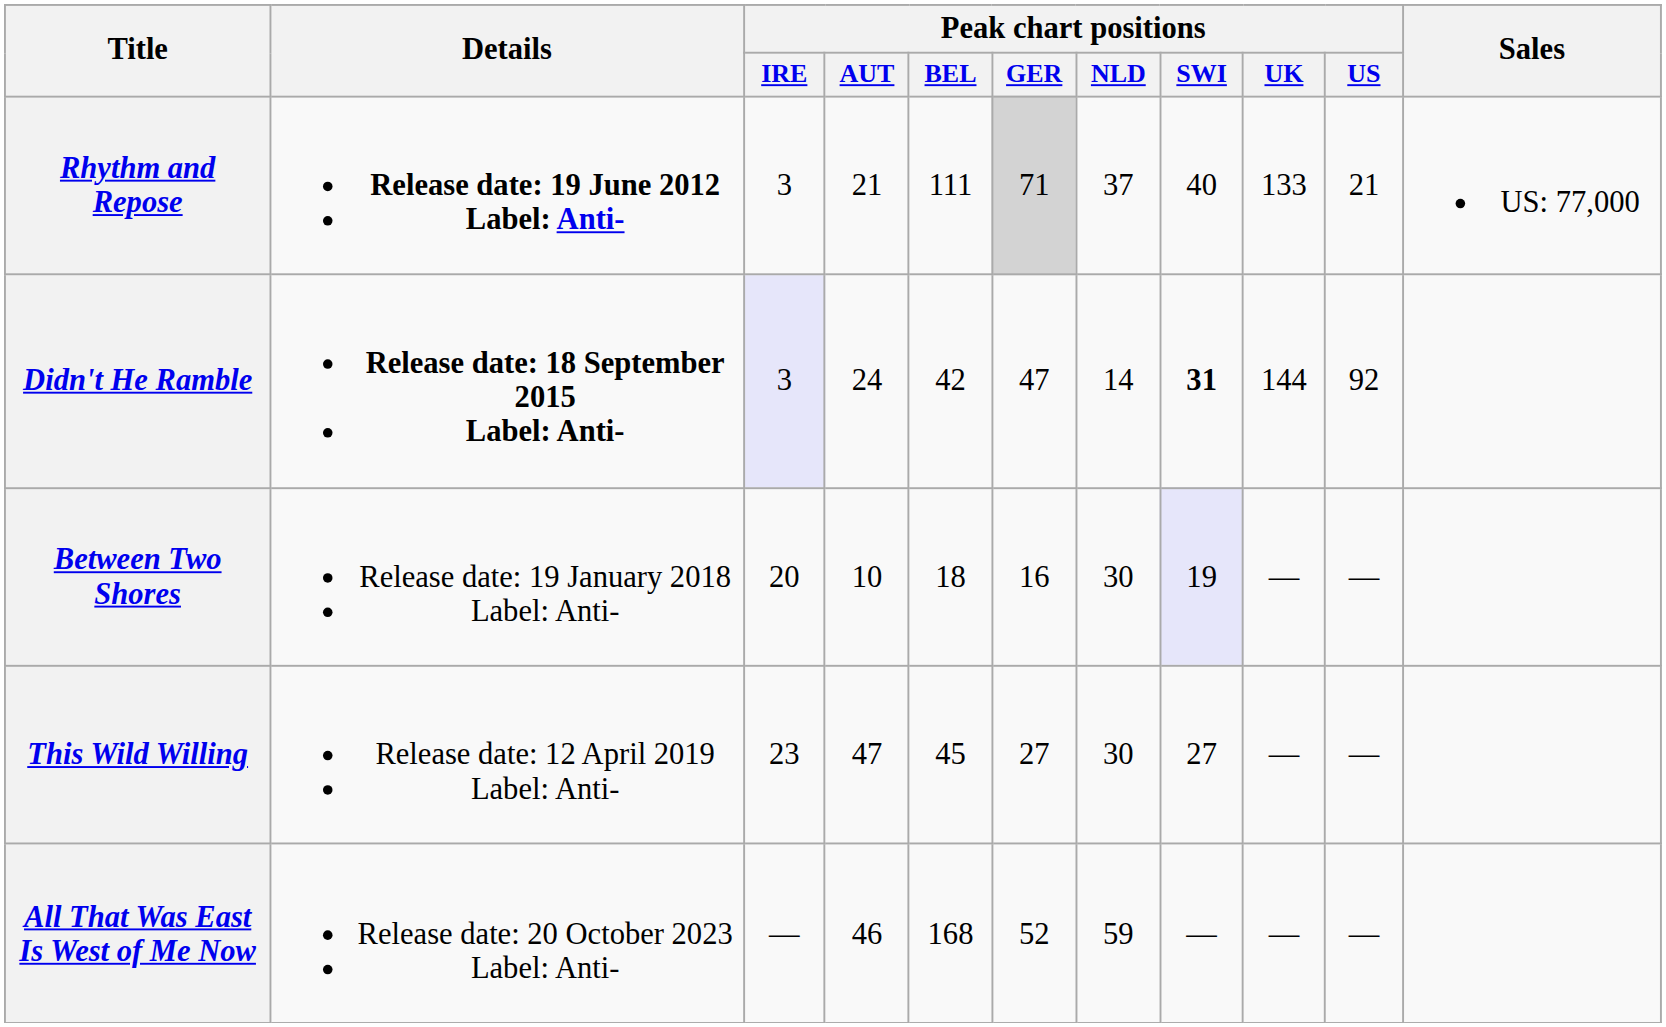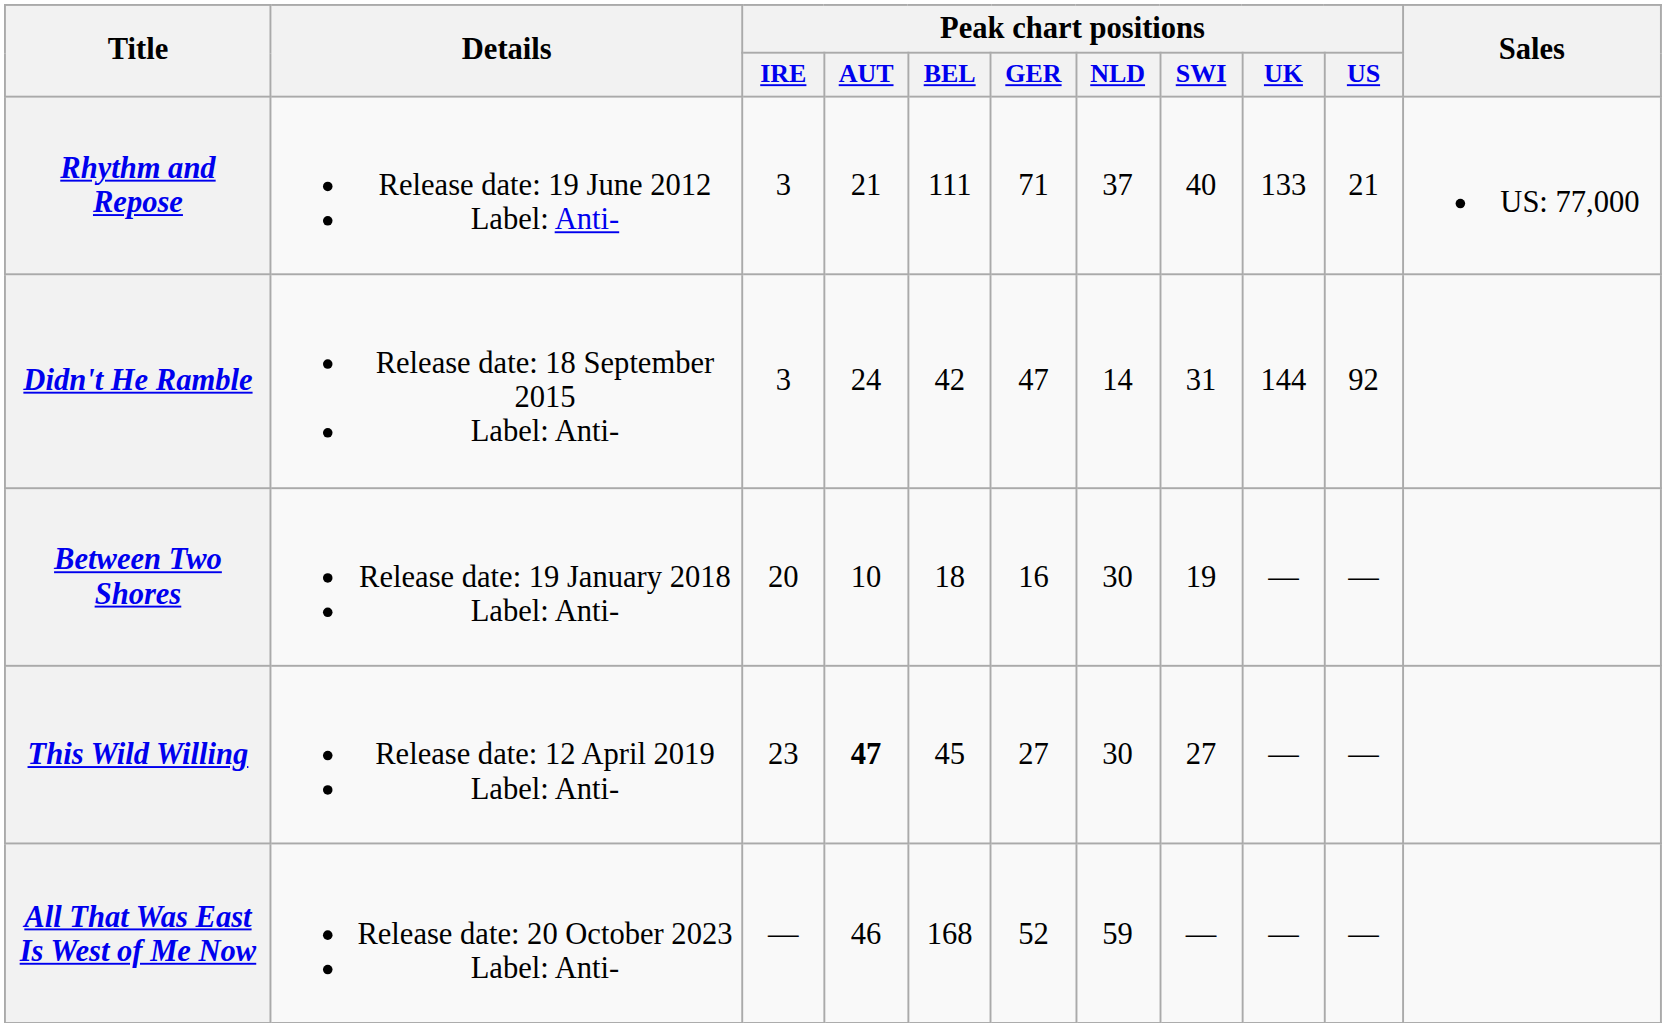 <table class="wikitable plainrowheaders" style="text-align:center;">
 <tr>
 <th rowspan="2" style="width:10em;">Title</th>
 <th rowspan="2" style="width:18em;">Details</th>
 <th scope="col" colspan="8">Peak chart positions</th>
 <th rowspan="2" style="width:9em;">Sales</th>
 </tr>
 <tr>
 <th scope="col" style="width:3em;font-size:85%;"><a href='#'>IRE</a><br></th>
 <th scope="col" style="width:3em;font-size:85%;"><a href='#'>AUT</a><br></th>
 <th scope="col" style="width:3em;font-size:85%;"><a href='#'>BEL</a><br></th>
 <th scope="col" style="width:3em;font-size:85%;"><a href='#'>GER</a><br></th>
 <th scope="col" style="width:3em;font-size:85%;"><a href='#'>NLD</a><br></th>
 <th scope="col" style="width:3em;font-size:85%;"><a href='#'>SWI</a><br></th>
 <th scope="col" style="width:3em;font-size:85%;"><a href='#'>UK</a><br></th>
 <th scope="col" style="width:3em;font-size:85%;"><a href='#'>US</a><br></th>
 </tr>
 <tr>
 <th scope="row"><em><a href='#'>Rhythm and Repose</a></em></th>
-<td><strong><br><ul><li>Release date: 19 June 2012</li><li>Label: <a href='#'>Anti-</a></li></ul></strong></td>
+<td><br><ul><li>Release date: 19 June 2012</li><li>Label: <a href='#'>Anti-</a></li></ul></td>
 <td>3</td>
 <td>21</td>
 <td>111</td>
-<td style="background: lightgrey;">71</td>
+<td>71</td>
 <td>37</td>
 <td>40</td>
 <td>133</td>
 <td>21</td>
 <td><br><ul><li>US: 77,000</li></ul></td>
 </tr>
 <tr>
 <th scope="row"><em><a href='#'>Didn't He Ramble</a></em></th>
-<td><strong><br><ul><li>Release date: 18 September 2015</li><li>Label: Anti-</li></ul></strong></td>
-<td style="background: lavender;">3</td>
+<td><br><ul><li>Release date: 18 September 2015</li><li>Label: Anti-</li></ul></td>
+<td>3</td>
 <td>24</td>
 <td>42</td>
 <td>47</td>
 <td>14</td>
-<td><strong>31</strong></td>
+<td>31</td>
 <td>144</td>
 <td>92</td>
 <td></td>
 </tr>
 <tr>
 <th scope="row"><em><a href='#'>Between Two Shores</a></em></th>
 <td><br><ul><li>Release date: 19 January 2018</li><li>Label: Anti-</li></ul></td>
 <td>20</td>
 <td>10</td>
 <td>18</td>
 <td>16</td>
 <td>30</td>
-<td style="background: lavender;">19</td>
+<td>19</td>
 <td>—</td>
 <td>—</td>
 <td></td>
 </tr>
 <tr>
 <th scope="row"><em><a href='#'>This Wild Willing</a></em></th>
 <td><br><ul><li>Release date: 12 April 2019</li><li>Label: Anti-</li></ul></td>
 <td>23</td>
-<td>47</td>
+<td><strong>47</strong></td>
 <td>45</td>
 <td>27</td>
 <td>30</td>
 <td>27</td>
 <td>—</td>
 <td>—</td>
 <td></td>
 </tr>
 <tr>
 <th scope="row"><em><a href='#'>All That Was East Is West of Me Now</a></em></th>
 <td><br><ul><li>Release date: 20 October 2023</li><li>Label: Anti-</li></ul></td>
 <td>—</td>
 <td>46</td>
 <td>168</td>
 <td>52</td>
 <td>59</td>
 <td>—</td>
 <td>—</td>
 <td>—</td>
 <td></td>
 </tr>
 </table>
